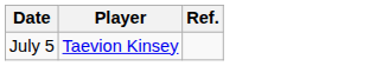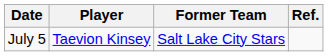 <table class="wikitable sortable sortable" style="text-align: center">
 <tr>
 <th>Date</th>
 <th>Player</th>
+<th>Former Team</th>
 <th>Ref.</th>
 </tr>
 <tr>
 <td>July 5</td>
 <td><a href='#'>Taevion Kinsey</a></td>
+<td><a href='#'>Salt Lake City Stars</a></td>
 <td></td>
 </tr>
 </table>
